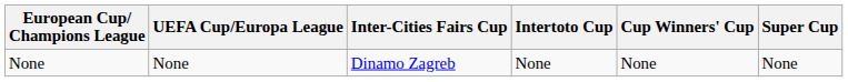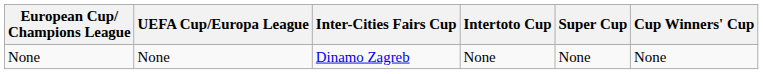 <table class="wikitable">
 <tr>
 <th>European Cup/<br>Champions League</th>
 <th>UEFA Cup/Europa League</th>
 <th>Inter-Cities Fairs Cup</th>
 <th>Intertoto Cup</th>
+<th>Super Cup</th>
 <th>Cup Winners' Cup</th>
-<th>Super Cup</th>
 </tr>
 <tr>
 <td>None</td>
 <td>None</td>
 <td> <a href='#'>Dinamo Zagreb</a></td>
 <td>None</td>
 <td>None</td>
 <td>None</td>
 </tr>
 </table>
